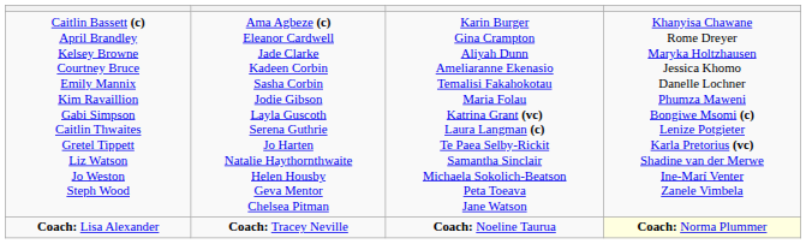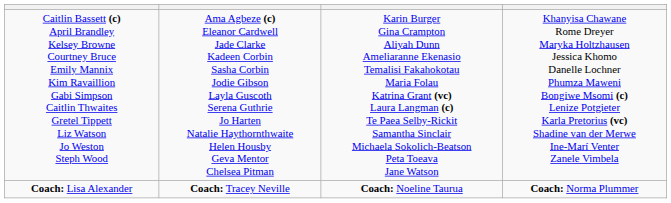 <table class=wikitable width=100% style="text-align:center; font-size:90%">
 <tr>
 <th></th>
 <th></th>
 <th></th>
 <th></th>
 </tr>
 <tr valign=top>
 <td><a href='#'>Caitlin Bassett</a> <strong>(c)</strong><br><a href='#'>April Brandley</a><br><a href='#'>Kelsey Browne</a><br><a href='#'>Courtney Bruce</a><br><a href='#'>Emily Mannix</a><br><a href='#'>Kim Ravaillion</a><br><a href='#'>Gabi Simpson</a><br><a href='#'>Caitlin Thwaites</a><br><a href='#'>Gretel Tippett</a><br><a href='#'>Liz Watson</a><br><a href='#'>Jo Weston</a><br><a href='#'>Steph Wood</a></td>
 <td><a href='#'>Ama Agbeze</a> <strong>(c)</strong><br><a href='#'>Eleanor Cardwell</a><br><a href='#'>Jade Clarke</a><br><a href='#'>Kadeen Corbin</a><br><a href='#'>Sasha Corbin</a><br><a href='#'>Jodie Gibson</a><br><a href='#'>Layla Guscoth</a><br><a href='#'>Serena Guthrie</a><br><a href='#'>Jo Harten</a><br><a href='#'>Natalie Haythornthwaite</a><br><a href='#'>Helen Housby</a><br><a href='#'>Geva Mentor</a><br><a href='#'>Chelsea Pitman</a></td>
 <td><a href='#'>Karin Burger</a><br><a href='#'>Gina Crampton</a><br><a href='#'>Aliyah Dunn</a><br><a href='#'>Ameliaranne Ekenasio</a><br><a href='#'>Temalisi Fakahokotau</a><br><a href='#'>Maria Folau</a><br><a href='#'>Katrina Grant</a> <strong>(vc)</strong><br><a href='#'>Laura Langman</a> <strong>(c)</strong><br><a href='#'>Te Paea Selby-Rickit</a><br><a href='#'>Samantha Sinclair</a><br><a href='#'>Michaela Sokolich-Beatson</a><br><a href='#'>Peta Toeava</a><br><a href='#'>Jane Watson</a></td>
 <td><a href='#'>Khanyisa Chawane</a><br>Rome Dreyer<br><a href='#'>Maryka Holtzhausen</a><br>Jessica Khomo<br>Danelle Lochner<br><a href='#'>Phumza Maweni</a><br><a href='#'>Bongiwe Msomi</a> <strong>(c)</strong><br><a href='#'>Lenize Potgieter</a><br><a href='#'>Karla Pretorius</a> <strong>(vc)</strong><br><a href='#'>Shadine van der Merwe</a><br><a href='#'>Ine-Marí Venter</a><br><a href='#'>Zanele Vimbela</a></td>
 </tr>
 <tr>
 <td> <strong>Coach:</strong> <a href='#'>Lisa Alexander</a></td>
 <td> <strong>Coach:</strong> <a href='#'>Tracey Neville</a></td>
 <td> <strong>Coach:</strong> <a href='#'>Noeline Taurua</a></td>
-<td style="background: lightyellow;"> <strong>Coach:</strong> <a href='#'>Norma Plummer</a></td>
+<td> <strong>Coach:</strong> <a href='#'>Norma Plummer</a></td>
 </tr>
 </table>
